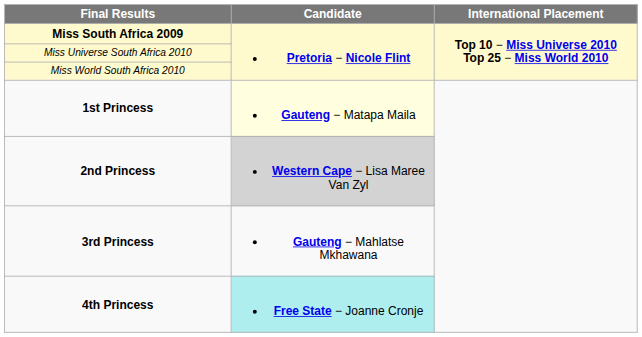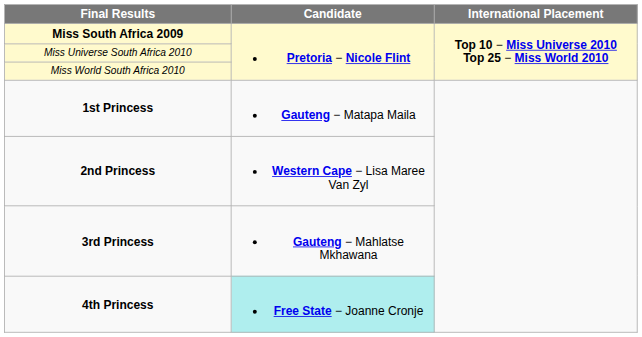 <table class="wikitable sortable" style="font-size:95%;">
 <tr>
 <th style="width:280px;background-color:#787878;color:#FFFFFF;">Final Results</th>
 <th style="width:250px;background-color:#787878;color:#FFFFFF;">Candidate</th>
 <th style="width:250px;background-color:#787878;color:#FFFFFF;">International Placement</th>
 </tr>
 <tr align="center" style="background:#FFFACD">
 <td style="text-align:center;"><strong>Miss South Africa 2009</strong></td>
 <td rowspan=3><br><ul><li><strong><a href='#'>Pretoria</a></strong> − <strong><a href='#'>Nicole Flint</a></strong></li></ul></td>
 <td rowspan=3><strong>Top 10</strong> − <strong><a href='#'>Miss Universe 2010</a></strong><br><strong>Top 25</strong> − <strong><a href='#'>Miss World 2010</a></strong></td>
 </tr>
 <tr align="center" style="background:#FFFACD";>
 <td style="text-align:center; font-size:85%"><em>Miss Universe South Africa 2010</em></td>
 </tr>
 <tr align="center" style="background:#FFFACD";>
 <td style="text-align:center; font-size:85%"><em>Miss World South Africa 2010</em></td>
 </tr>
 <tr align="center">
 <td><strong>1st Princess</strong></td>
-<td style="background: lightyellow;"><br><ul><li><strong><a href='#'>Gauteng</a></strong> − Matapa Maila</li></ul></td>
+<td><br><ul><li><strong><a href='#'>Gauteng</a></strong> − Matapa Maila</li></ul></td>
 </tr>
 <tr align="center">
 <td><strong>2nd Princess</strong></td>
-<td style="background: lightgrey;"><br><ul><li><strong><a href='#'>Western Cape</a></strong> − Lisa Maree Van Zyl</li></ul></td>
+<td><br><ul><li><strong><a href='#'>Western Cape</a></strong> − Lisa Maree Van Zyl</li></ul></td>
 </tr>
 <tr align="center">
 <td><strong>3rd Princess</strong></td>
 <td><br><ul><li><strong><a href='#'>Gauteng</a></strong> − Mahlatse Mkhawana</li></ul></td>
 </tr>
 <tr align="center">
 <td><strong>4th Princess</strong></td>
 <td style="background: paleturquoise;"><br><ul><li><strong><a href='#'>Free State</a></strong> − Joanne Cronje</li></ul></td>
 </tr>
 </table>
